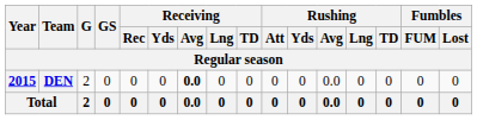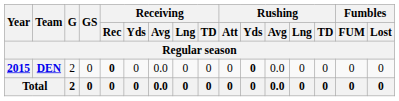 <table class="wikitable" style="text-align: center;">
 <tr>
 <th rowspan="2">Year</th>
 <th rowspan="2">Team</th>
 <th rowspan="2">G</th>
 <th rowspan="2">GS</th>
 <th colspan="5">Receiving</th>
 <th colspan="5">Rushing</th>
 <th colspan="2">Fumbles</th>
 </tr>
 <tr>
 <th>Rec</th>
 <th>Yds</th>
 <th>Avg</th>
 <th>Lng</th>
 <th>TD</th>
 <th>Att</th>
 <th>Yds</th>
 <th>Avg</th>
 <th>Lng</th>
 <th>TD</th>
 <th>FUM</th>
 <th>Lost</th>
 </tr>
 <tr>
 <th colspan=16><strong>Regular season</strong></th>
 </tr>
 <tr>
 <th><a href='#'>2015</a></th>
 <th><a href='#'>DEN</a></th>
 <td>2</td>
 <td>0</td>
+<td><strong>0</strong></td>
 <td>0</td>
-<td>0</td>
-<td><strong>0.0</strong></td>
+<td>0.0</td>
 <td>0</td>
 <td>0</td>
 <td>0</td>
-<td>0</td>
+<td><strong>0</strong></td>
 <td>0.0</td>
 <td>0</td>
 <td>0</td>
 <td>0</td>
 <td>0</td>
 </tr>
 <tr>
 <th colspan="2">Total</th>
 <th>2</th>
 <th>0</th>
 <th>0</th>
 <th>0</th>
 <th>0.0</th>
 <th>0</th>
 <th>0</th>
 <th>0</th>
 <th>0</th>
 <th>0.0</th>
 <th>0</th>
 <th>0</th>
 <th>0</th>
 <th>0</th>
 </tr>
 </table>
